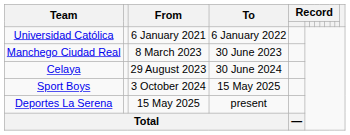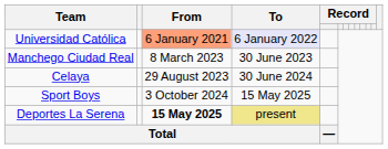 <table class="wikitable" style="text-align: center">
 <tr>
 <th rowspan="2">Team</th>
 <th rowspan="2"></th>
 <th rowspan="2">From</th>
 <th rowspan="2">To</th>
 <th colspan="8">Record</th>
 <th rowspan="2"></th>
 </tr>
 <tr>
 <th></th>
 <th></th>
 <th></th>
 <th></th>
 <th></th>
 <th></th>
 <th></th>
 <th></th>
 </tr>
 <tr>
 <td><a href='#'>Universidad Católica</a></td>
 <td></td>
-<td>6 January 2021</td>
-<td>6 January 2022<br></td>
+<td style="background: lightsalmon;">6 January 2021</td>
+<td style="background: lavender;">6 January 2022<br></td>
 <td></td>
 </tr>
 <tr>
 <td><a href='#'>Manchego Ciudad Real</a></td>
 <td></td>
 <td>8 March 2023</td>
 <td>30 June 2023<br></td>
 <td></td>
 </tr>
 <tr>
 <td><a href='#'>Celaya</a></td>
 <td></td>
 <td>29 August 2023</td>
 <td>30 June 2024<br></td>
 <td></td>
 </tr>
 <tr>
 <td><a href='#'>Sport Boys</a></td>
 <td></td>
 <td>3 October 2024</td>
 <td>15 May 2025<br></td>
 <td></td>
 </tr>
 <tr>
 <td><a href='#'>Deportes La Serena</a></td>
 <td></td>
-<td>15 May 2025</td>
-<td>present<br></td>
+<td><strong>15 May 2025</strong></td>
+<td style="background: khaki;">present<br></td>
 <td></td>
 </tr>
 <tr>
 <th colspan="4">Total<br></th>
 <th>—</th>
 </tr>
 </table>
